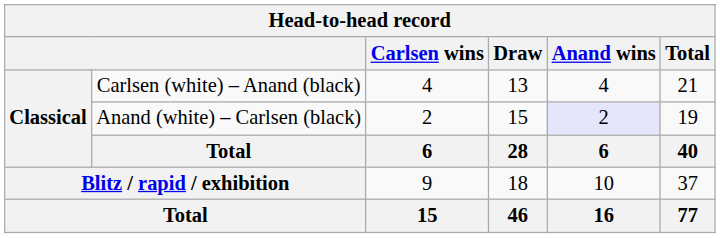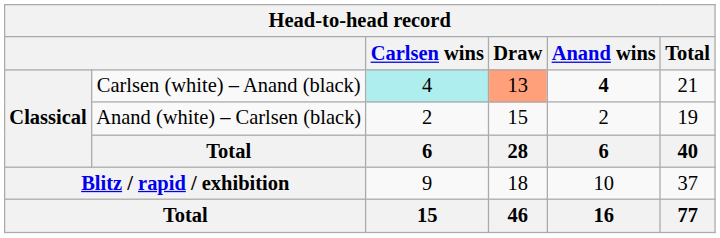 <table class="wikitable">
 <tr>
 <th colspan=6>Head-to-head record</th>
 </tr>
 <tr>
 <th colspan=2></th>
 <th><a href='#'>Carlsen</a> wins</th>
 <th>Draw</th>
 <th><a href='#'>Anand</a> wins</th>
 <th>Total</th>
 </tr>
 <tr align=center>
 <th rowspan=3>Classical</th>
 <td>Carlsen (white) – Anand (black)</td>
-<td>4</td>
-<td>13</td>
-<td>4</td>
+<td style="background: paleturquoise;">4</td>
+<td style="background: lightsalmon;">13</td>
+<td><strong>4</strong></td>
 <td>21</td>
 </tr>
 <tr align=center>
 <td>Anand (white) – Carlsen (black)</td>
 <td>2</td>
 <td>15</td>
-<td style="background: lavender;">2</td>
+<td>2</td>
 <td>19</td>
 </tr>
 <tr>
 <th>Total</th>
 <th>6</th>
 <th>28</th>
 <th>6</th>
 <th>40</th>
 </tr>
 <tr align=center>
 <th colspan=2><a href='#'>Blitz</a> / <a href='#'>rapid</a> / exhibition</th>
 <td>9</td>
 <td>18</td>
 <td>10</td>
 <td>37</td>
 </tr>
 <tr>
 <th colspan=2>Total</th>
 <th>15</th>
 <th>46</th>
 <th>16</th>
 <th>77</th>
 </tr>
 </table>
